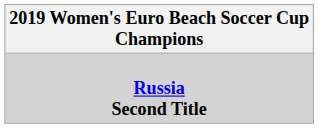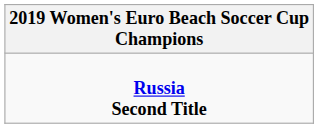 <table class="wikitable" style="margin: 0 auto;">
 <tr>
 <th>2019 Women's Euro Beach Soccer Cup<br>Champions</th>
 </tr>
 <tr>
-<td align=center style="background: lightgrey;"><br><strong><a href='#'>Russia</a></strong><br><strong>Second Title</strong></td>
+<td align=center><br><strong><a href='#'>Russia</a></strong><br><strong>Second Title</strong></td>
 </tr>
 </table>
